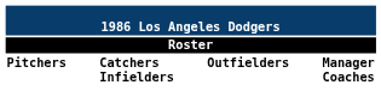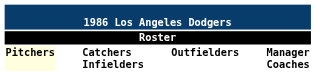 <table class="toccolours" style="font-size: 95%;">
 <tr>
 <th colspan="10" style="background-color: #083c6b; color: #FFFFFF; text-align: center;"><br>1986 Los Angeles Dodgers</th>
 </tr>
 <tr>
 <td colspan="10" style="background-color: black; color: #FFFFFF; text-align: center;"><strong>Roster</strong></td>
 </tr>
 <tr>
-<td valign="top"><strong>Pitchers</strong><br>                    </td>
+<td valign="top" style="background: lightyellow;"><strong>Pitchers</strong><br>                    </td>
 <td width="25px"></td>
 <td valign="top"><strong>Catchers</strong><br>   <strong>Infielders</strong>         </td>
 <td width="25px"></td>
 <td valign="top"><strong>Outfielders</strong><br>           </td>
 <td width="25px"></td>
 <td valign="top"><strong>Manager</strong><br> <strong>Coaches</strong>      </td>
 </tr>
 </table>
